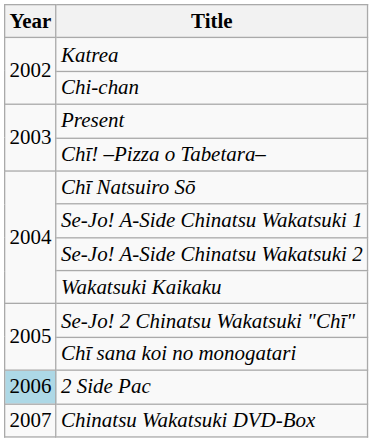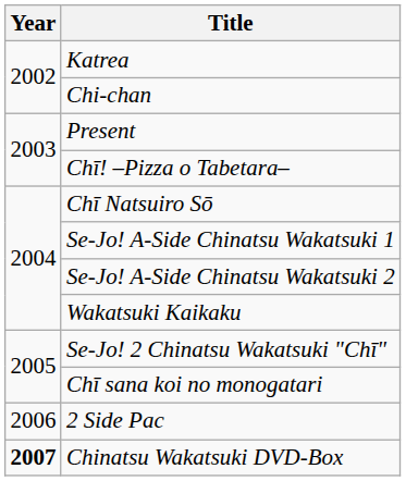 <table class="wikitable">
 <tr>
 <th>Year</th>
 <th>Title</th>
 </tr>
 <tr>
 <td rowspan="2">2002</td>
 <td><em>Katrea</em></td>
 </tr>
 <tr>
 <td><em>Chi-chan</em></td>
 </tr>
 <tr>
 <td rowspan="2">2003</td>
 <td><em>Present</em></td>
 </tr>
 <tr>
 <td><em>Chī! –Pizza o Tabetara–</em></td>
 </tr>
 <tr>
 <td rowspan="4">2004</td>
 <td><em>Chī Natsuiro Sō</em></td>
 </tr>
 <tr>
 <td><em>Se-Jo! A-Side Chinatsu Wakatsuki 1</em></td>
 </tr>
 <tr>
 <td><em>Se-Jo! A-Side Chinatsu Wakatsuki 2</em></td>
 </tr>
 <tr>
 <td><em>Wakatsuki Kaikaku</em></td>
 </tr>
 <tr>
 <td rowspan="2">2005</td>
 <td><em>Se-Jo! 2 Chinatsu Wakatsuki "Chī"</em></td>
 </tr>
 <tr>
 <td><em>Chī sana koi no monogatari</em></td>
 </tr>
 <tr>
-<td style="background: lightblue;">2006</td>
+<td>2006</td>
 <td><em>2 Side Pac</em></td>
 </tr>
 <tr>
-<td>2007</td>
+<td><strong>2007</strong></td>
 <td><em>Chinatsu Wakatsuki DVD-Box</em></td>
 </tr>
 </table>
